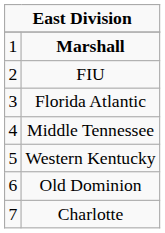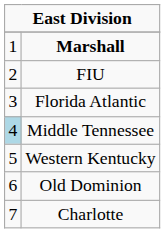 <table class="wikitable">
 <tr align="center">
 <td align="center" Colspan="2"><strong>East Division</strong></td>
 </tr>
 <tr align="center">
 </tr>
 <tr align="center">
 <td>1</td>
 <td><strong>Marshall</strong></td>
 </tr>
 <tr align="center">
 <td>2</td>
 <td>FIU</td>
 </tr>
 <tr align="center">
 <td>3</td>
 <td>Florida Atlantic</td>
 </tr>
 <tr align="center">
-<td>4</td>
+<td style="background: lightblue;">4</td>
 <td>Middle Tennessee</td>
 </tr>
 <tr align="center">
 <td>5</td>
 <td>Western Kentucky</td>
 </tr>
 <tr align="center">
 <td>6</td>
 <td>Old Dominion</td>
 </tr>
 <tr align="center">
 <td>7</td>
 <td>Charlotte</td>
 </tr>
 </table>
